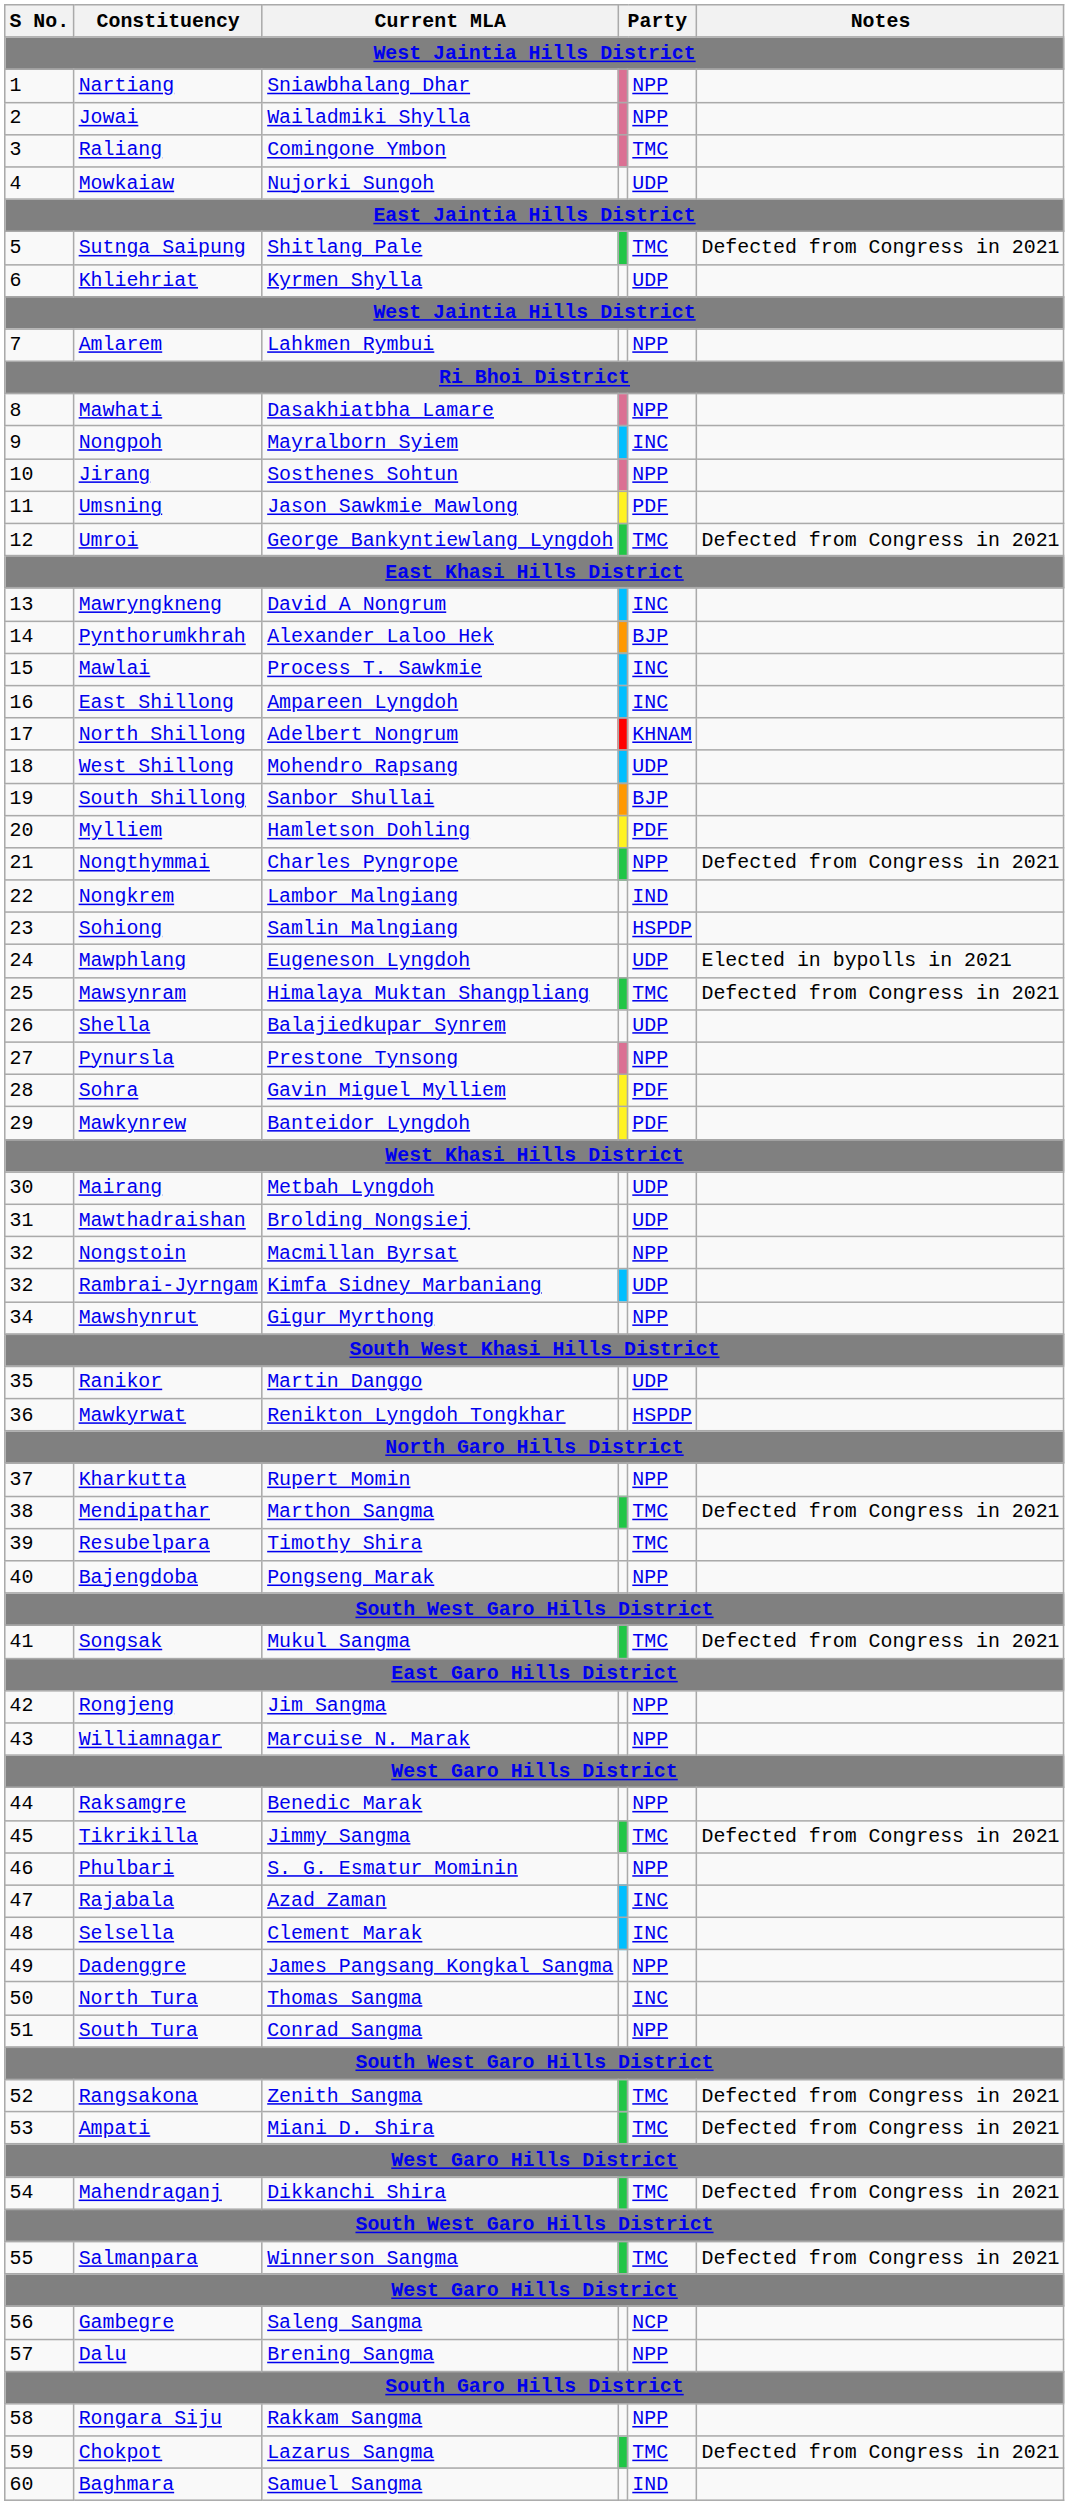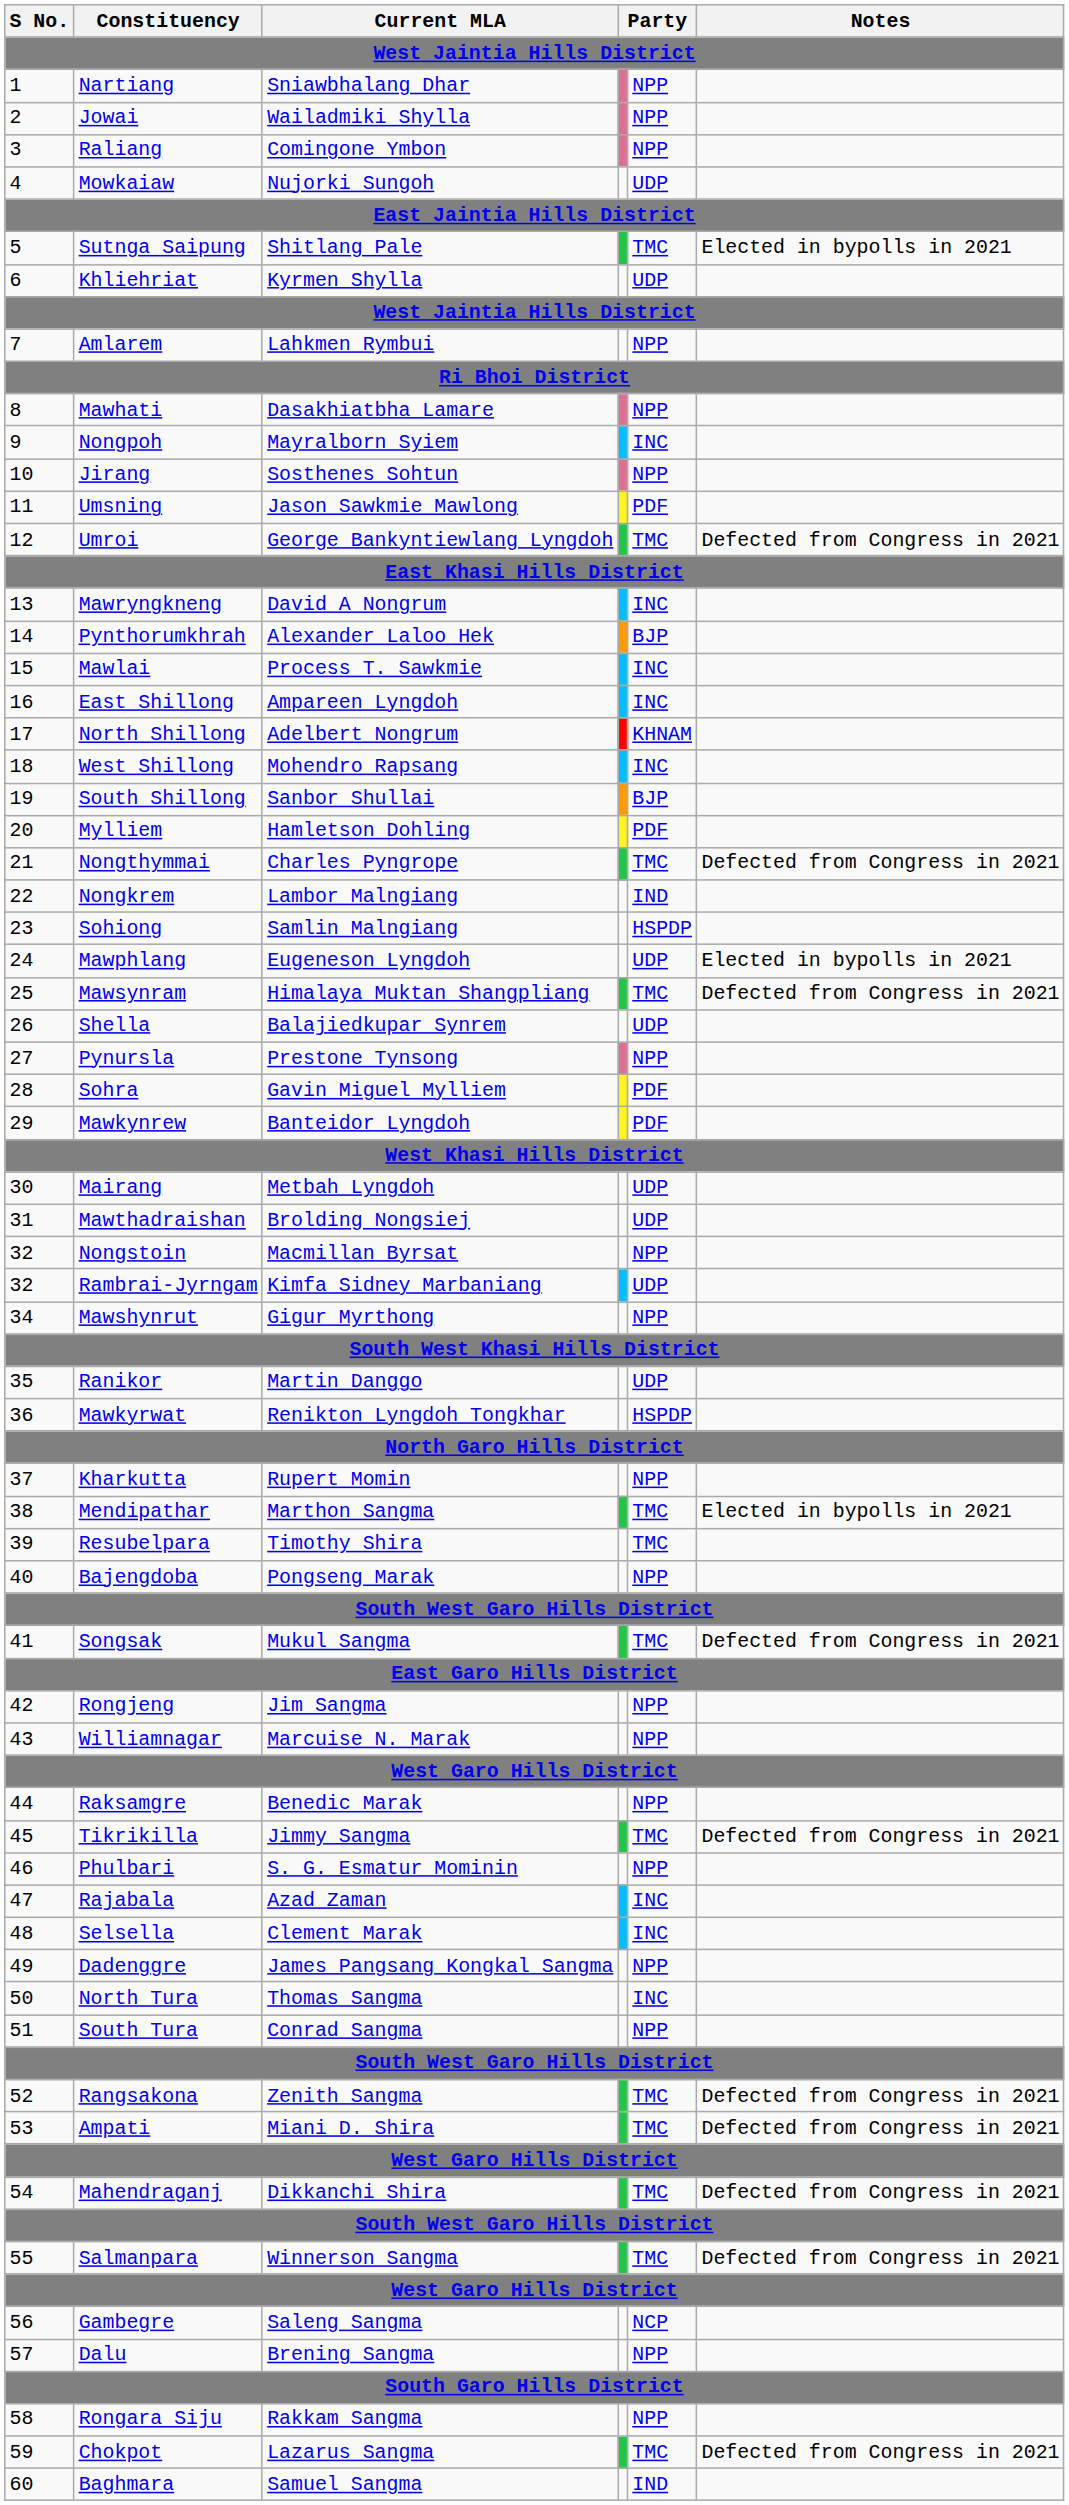 <table class="wikitable sortable">
 <tr>
 <th>S No.</th>
 <th>Constituency</th>
 <th>Current MLA</th>
 <th colspan="2">Party</th>
 <th>Notes</th>
 </tr>
 <tr>
 <td colspan="6" bgcolor="grey" align="center"><a href='#'><span><strong>West Jaintia Hills District</strong></span></a></td>
 </tr>
 <tr>
 <td>1</td>
 <td><a href='#'>Nartiang</a></td>
 <td><a href='#'>Sniawbhalang Dhar</a></td>
 <td bgcolor="#DB7093"></td>
 <td><a href='#'>NPP</a></td>
 <td></td>
 </tr>
 <tr>
 <td>2</td>
 <td><a href='#'>Jowai</a></td>
 <td><a href='#'>Wailadmiki Shylla</a></td>
 <td bgcolor="#DB7093"></td>
 <td><a href='#'>NPP</a></td>
 <td></td>
 </tr>
 <tr>
 <td>3</td>
 <td><a href='#'>Raliang</a></td>
 <td><a href='#'>Comingone Ymbon</a></td>
 <td bgcolor="#DB7093"></td>
-<td><a href='#'>TMC</a></td>
+<td><a href='#'>NPP</a></td>
 <td></td>
 </tr>
 <tr>
 <td>4</td>
 <td><a href='#'>Mowkaiaw</a></td>
 <td><a href='#'>Nujorki Sungoh</a></td>
 <td></td>
 <td><a href='#'>UDP</a></td>
 <td></td>
 </tr>
 <tr>
 <td colspan="6" bgcolor="grey" align="center"><a href='#'><span><strong>East Jaintia Hills District</strong></span></a></td>
 </tr>
 <tr>
 <td>5</td>
 <td><a href='#'>Sutnga Saipung</a></td>
 <td><a href='#'>Shitlang Pale</a></td>
 <td bgcolor="#20C646"></td>
 <td><a href='#'>TMC</a></td>
-<td>Defected from Congress in 2021</td>
+<td>Elected in bypolls in 2021</td>
 </tr>
 <tr>
 <td>6</td>
 <td><a href='#'>Khliehriat</a></td>
 <td><a href='#'>Kyrmen Shylla</a></td>
 <td></td>
 <td><a href='#'>UDP</a></td>
 <td></td>
 </tr>
 <tr>
 <td colspan="6" bgcolor="grey" align="center"><a href='#'><span><strong>West Jaintia Hills District</strong></span></a></td>
 </tr>
 <tr>
 <td>7</td>
 <td><a href='#'>Amlarem</a></td>
 <td><a href='#'>Lahkmen Rymbui</a></td>
 <td></td>
 <td><a href='#'>NPP</a></td>
 <td></td>
 </tr>
 <tr>
 <td colspan="6" bgcolor="grey" align="center"><a href='#'><span><strong>Ri Bhoi District</strong></span></a></td>
 </tr>
 <tr>
 <td>8</td>
 <td><a href='#'>Mawhati</a></td>
 <td><a href='#'>Dasakhiatbha Lamare</a></td>
 <td bgcolor="#DB7093"></td>
 <td><a href='#'>NPP</a></td>
 <td></td>
 </tr>
 <tr>
 <td>9</td>
 <td><a href='#'>Nongpoh</a></td>
 <td><a href='#'>Mayralborn Syiem</a></td>
 <td bgcolor="#00BFFF"></td>
 <td><a href='#'>INC</a></td>
 <td></td>
 </tr>
 <tr>
 <td>10</td>
 <td><a href='#'>Jirang</a></td>
 <td><a href='#'>Sosthenes Sohtun</a></td>
 <td bgcolor="#DB7093"></td>
 <td><a href='#'>NPP</a></td>
 <td></td>
 </tr>
 <tr>
 <td>11</td>
 <td><a href='#'>Umsning</a></td>
 <td><a href='#'>Jason Sawkmie Mawlong</a></td>
 <td bgcolor="#FFFF342"></td>
 <td><a href='#'>PDF</a></td>
 <td></td>
 </tr>
 <tr>
 <td>12</td>
 <td><a href='#'>Umroi</a></td>
 <td><a href='#'>George Bankyntiewlang Lyngdoh</a></td>
 <td bgcolor="20C646"></td>
 <td><a href='#'>TMC</a></td>
 <td>Defected from Congress in 2021</td>
 </tr>
 <tr>
 <td colspan="6" bgcolor="grey" align="center"><a href='#'><span><strong>East Khasi Hills District</strong></span></a></td>
 </tr>
 <tr>
 <td>13</td>
 <td><a href='#'>Mawryngkneng</a></td>
 <td><a href='#'>David A Nongrum</a></td>
 <td bgcolor="#00BFFF"></td>
 <td><a href='#'>INC</a></td>
 <td></td>
 </tr>
 <tr>
 <td>14</td>
 <td><a href='#'>Pynthorumkhrah</a></td>
 <td><a href='#'>Alexander Laloo Hek</a></td>
 <td bgcolor="#FF9900"></td>
 <td><a href='#'>BJP</a></td>
 <td></td>
 </tr>
 <tr>
 <td>15</td>
 <td><a href='#'>Mawlai</a></td>
 <td><a href='#'>Process T. Sawkmie</a></td>
 <td bgcolor="#00BFFF"></td>
 <td><a href='#'>INC</a></td>
 <td></td>
 </tr>
 <tr>
 <td>16</td>
 <td><a href='#'>East Shillong</a></td>
 <td><a href='#'>Ampareen Lyngdoh</a></td>
 <td bgcolor="#00BFFF"></td>
 <td><a href='#'>INC</a></td>
 <td></td>
 </tr>
 <tr>
 <td>17</td>
 <td><a href='#'>North Shillong</a></td>
 <td><a href='#'>Adelbert Nongrum</a></td>
 <td bgcolor="red"></td>
 <td><a href='#'>KHNAM</a></td>
 <td></td>
 </tr>
 <tr>
 <td>18</td>
 <td><a href='#'>West Shillong</a></td>
 <td><a href='#'>Mohendro Rapsang</a></td>
 <td bgcolor="#00BFFF"></td>
-<td><a href='#'>UDP</a></td>
+<td><a href='#'>INC</a></td>
 <td></td>
 </tr>
 <tr>
 <td>19</td>
 <td><a href='#'>South Shillong</a></td>
 <td><a href='#'>Sanbor Shullai</a></td>
 <td bgcolor="#FF9900"></td>
 <td><a href='#'>BJP</a></td>
 <td></td>
 </tr>
 <tr>
 <td>20</td>
 <td><a href='#'>Mylliem</a></td>
 <td><a href='#'>Hamletson Dohling</a></td>
 <td bgcolor="#FFFF342"></td>
 <td><a href='#'>PDF</a></td>
 <td></td>
 </tr>
 <tr>
 <td>21</td>
 <td><a href='#'>Nongthymmai</a></td>
 <td><a href='#'>Charles Pyngrope</a></td>
 <td bgcolor="#20C646"></td>
-<td><a href='#'>NPP</a></td>
+<td><a href='#'>TMC</a></td>
 <td>Defected from Congress in 2021</td>
 </tr>
 <tr>
 <td>22</td>
 <td><a href='#'>Nongkrem</a></td>
 <td><a href='#'>Lambor Malngiang</a></td>
 <td></td>
 <td><a href='#'>IND</a></td>
 <td></td>
 </tr>
 <tr>
 <td>23</td>
 <td><a href='#'>Sohiong</a></td>
 <td><a href='#'>Samlin Malngiang</a></td>
 <td></td>
 <td><a href='#'>HSPDP</a></td>
 <td></td>
 </tr>
 <tr>
 <td>24</td>
 <td><a href='#'>Mawphlang</a></td>
 <td><a href='#'>Eugeneson Lyngdoh</a></td>
 <td></td>
 <td><a href='#'>UDP</a></td>
 <td>Elected in bypolls in 2021</td>
 </tr>
 <tr>
 <td>25</td>
 <td><a href='#'>Mawsynram</a></td>
 <td><a href='#'>Himalaya Muktan Shangpliang</a></td>
 <td bgcolor="#20C646"></td>
 <td><a href='#'>TMC</a></td>
 <td>Defected from Congress in 2021</td>
 </tr>
 <tr>
 <td>26</td>
 <td><a href='#'>Shella</a></td>
 <td><a href='#'>Balajiedkupar Synrem</a></td>
 <td></td>
 <td><a href='#'>UDP</a></td>
 <td></td>
 </tr>
 <tr>
 <td>27</td>
 <td><a href='#'>Pynursla</a></td>
 <td><a href='#'>Prestone Tynsong</a></td>
 <td bgcolor="#DB7093"></td>
 <td><a href='#'>NPP</a></td>
 <td></td>
 </tr>
 <tr>
 <td>28</td>
 <td><a href='#'>Sohra</a></td>
 <td><a href='#'>Gavin Miguel Mylliem</a></td>
 <td bgcolor="#FFFF342"></td>
 <td><a href='#'>PDF</a></td>
 <td></td>
 </tr>
 <tr>
 <td>29</td>
 <td><a href='#'>Mawkynrew</a></td>
 <td><a href='#'>Banteidor Lyngdoh</a></td>
 <td bgcolor="#FFFF342"></td>
 <td><a href='#'>PDF</a></td>
 <td></td>
 </tr>
 <tr>
 <td colspan="6" bgcolor="grey" align="center"><a href='#'><span><strong>West Khasi Hills District</strong></span></a></td>
 </tr>
 <tr>
 <td>30</td>
 <td><a href='#'>Mairang</a></td>
 <td><a href='#'>Metbah Lyngdoh</a></td>
 <td></td>
 <td><a href='#'>UDP</a></td>
 <td></td>
 </tr>
 <tr>
 <td>31</td>
 <td><a href='#'>Mawthadraishan</a></td>
 <td><a href='#'>Brolding Nongsiej</a></td>
 <td></td>
 <td><a href='#'>UDP</a></td>
 <td></td>
 </tr>
 <tr>
 <td>32</td>
 <td><a href='#'>Nongstoin</a></td>
 <td><a href='#'>Macmillan Byrsat</a></td>
 <td></td>
 <td><a href='#'>NPP</a></td>
 <td></td>
 </tr>
 <tr>
 <td>32</td>
 <td><a href='#'>Rambrai-Jyrngam</a></td>
 <td><a href='#'>Kimfa Sidney Marbaniang</a></td>
 <td bgcolor="#00BFFF"></td>
 <td><a href='#'>UDP</a></td>
 <td></td>
 </tr>
 <tr>
 <td>34</td>
 <td><a href='#'>Mawshynrut</a></td>
 <td><a href='#'>Gigur Myrthong</a></td>
 <td></td>
 <td><a href='#'>NPP</a></td>
 <td></td>
 </tr>
 <tr>
 <td colspan="6" bgcolor="grey" align="center"><a href='#'><span><strong>South West Khasi Hills District</strong></span></a></td>
 </tr>
 <tr>
 <td>35</td>
 <td><a href='#'>Ranikor</a></td>
 <td><a href='#'>Martin Danggo</a></td>
 <td></td>
 <td><a href='#'>UDP</a></td>
 <td></td>
 </tr>
 <tr>
 <td>36</td>
 <td><a href='#'>Mawkyrwat</a></td>
 <td><a href='#'>Renikton Lyngdoh Tongkhar</a></td>
 <td></td>
 <td><a href='#'>HSPDP</a></td>
 <td></td>
 </tr>
 <tr>
 <td colspan="6" bgcolor="grey" align="center"><a href='#'><span><strong>North Garo Hills District</strong></span></a></td>
 </tr>
 <tr>
 <td>37</td>
 <td><a href='#'>Kharkutta</a></td>
 <td><a href='#'>Rupert Momin</a></td>
 <td></td>
 <td><a href='#'>NPP</a></td>
 <td></td>
 </tr>
 <tr>
 <td>38</td>
 <td><a href='#'>Mendipathar</a></td>
 <td><a href='#'>Marthon Sangma</a></td>
 <td bgcolor="#20C646"></td>
 <td><a href='#'>TMC</a></td>
-<td>Defected from Congress in 2021</td>
+<td>Elected in bypolls in 2021</td>
 </tr>
 <tr>
 <td>39</td>
 <td><a href='#'>Resubelpara</a></td>
 <td><a href='#'>Timothy Shira</a></td>
 <td></td>
 <td><a href='#'>TMC</a></td>
 <td></td>
 </tr>
 <tr>
 <td>40</td>
 <td><a href='#'>Bajengdoba</a></td>
 <td><a href='#'>Pongseng Marak</a></td>
 <td></td>
 <td><a href='#'>NPP</a></td>
 <td></td>
 </tr>
 <tr>
 <td colspan="6" bgcolor="grey" align="center"><a href='#'><span><strong>South West Garo Hills District</strong></span></a></td>
 </tr>
 <tr>
 <td>41</td>
 <td><a href='#'>Songsak</a></td>
 <td><a href='#'>Mukul Sangma</a></td>
 <td bgcolor="#20C646"></td>
 <td><a href='#'>TMC</a></td>
 <td>Defected from Congress in 2021</td>
 </tr>
 <tr>
 <td colspan="6" bgcolor="grey" align="center"><a href='#'><span><strong>East Garo Hills District</strong></span></a></td>
 </tr>
 <tr>
 <td>42</td>
 <td><a href='#'>Rongjeng</a></td>
 <td><a href='#'>Jim Sangma</a></td>
 <td></td>
 <td><a href='#'>NPP</a></td>
 <td></td>
 </tr>
 <tr>
 <td>43</td>
 <td><a href='#'>Williamnagar</a></td>
 <td><a href='#'>Marcuise N. Marak</a></td>
 <td></td>
 <td><a href='#'>NPP</a></td>
 <td></td>
 </tr>
 <tr>
 <td colspan="6" bgcolor="grey" align="center"><a href='#'><span><strong>West Garo Hills District</strong></span></a></td>
 </tr>
 <tr>
 <td>44</td>
 <td><a href='#'>Raksamgre</a></td>
 <td><a href='#'>Benedic Marak</a></td>
 <td></td>
 <td><a href='#'>NPP</a></td>
 <td></td>
 </tr>
 <tr>
 <td>45</td>
 <td><a href='#'>Tikrikilla</a></td>
 <td><a href='#'>Jimmy Sangma</a></td>
 <td bgcolor="#20C646"></td>
 <td><a href='#'>TMC</a></td>
 <td>Defected from Congress in 2021</td>
 </tr>
 <tr>
 <td>46</td>
 <td><a href='#'>Phulbari</a></td>
 <td><a href='#'>S. G. Esmatur Mominin</a></td>
 <td></td>
 <td><a href='#'>NPP</a></td>
 <td></td>
 </tr>
 <tr>
 <td>47</td>
 <td><a href='#'>Rajabala</a></td>
 <td><a href='#'>Azad Zaman</a></td>
 <td bgcolor="#00BFFF"></td>
 <td><a href='#'>INC</a></td>
 <td></td>
 </tr>
 <tr>
 <td>48</td>
 <td><a href='#'>Selsella</a></td>
 <td><a href='#'>Clement Marak</a></td>
 <td bgcolor="#00BFFF"></td>
 <td><a href='#'>INC</a></td>
 <td></td>
 </tr>
 <tr>
 <td>49</td>
 <td><a href='#'>Dadenggre</a></td>
 <td><a href='#'>James Pangsang Kongkal Sangma</a></td>
 <td></td>
 <td><a href='#'>NPP</a></td>
 <td></td>
 </tr>
 <tr>
 <td>50</td>
 <td><a href='#'>North Tura</a></td>
 <td><a href='#'>Thomas Sangma</a></td>
 <td></td>
 <td><a href='#'>INC</a></td>
 <td></td>
 </tr>
 <tr>
 <td>51</td>
 <td><a href='#'>South Tura</a></td>
 <td><a href='#'>Conrad Sangma</a></td>
 <td></td>
 <td><a href='#'>NPP</a></td>
 <td></td>
 </tr>
 <tr>
 <td colspan="6" bgcolor="grey" align="center"><a href='#'><span><strong>South West Garo Hills District</strong></span></a></td>
 </tr>
 <tr>
 <td>52</td>
 <td><a href='#'>Rangsakona</a></td>
 <td><a href='#'>Zenith Sangma</a></td>
 <td bgcolor="#20C646"></td>
 <td><a href='#'>TMC</a></td>
 <td>Defected from Congress in 2021</td>
 </tr>
 <tr>
 <td>53</td>
 <td><a href='#'>Ampati</a></td>
 <td><a href='#'>Miani D. Shira</a></td>
 <td bgcolor="#20C646"></td>
 <td><a href='#'>TMC</a></td>
 <td>Defected from Congress in 2021</td>
 </tr>
 <tr>
 <td colspan="6" bgcolor="grey" align="center"><a href='#'><span><strong>West Garo Hills District</strong></span></a></td>
 </tr>
 <tr>
 <td>54</td>
 <td><a href='#'>Mahendraganj</a></td>
 <td><a href='#'>Dikkanchi Shira</a></td>
 <td bgcolor="#20C646"></td>
 <td><a href='#'>TMC</a></td>
 <td>Defected from Congress in 2021</td>
 </tr>
 <tr>
 <td colspan="6" bgcolor="grey" align="center"><a href='#'><span><strong>South West Garo Hills District</strong></span></a></td>
 </tr>
 <tr>
 <td>55</td>
 <td><a href='#'>Salmanpara</a></td>
 <td><a href='#'>Winnerson Sangma</a></td>
 <td bgcolor="#20C646"></td>
 <td><a href='#'>TMC</a></td>
 <td>Defected from Congress in 2021</td>
 </tr>
 <tr>
 <td colspan="6" bgcolor="grey" align="center"><a href='#'><span><strong>West Garo Hills District</strong></span></a></td>
 </tr>
 <tr>
 <td>56</td>
 <td><a href='#'>Gambegre</a></td>
 <td><a href='#'>Saleng Sangma</a></td>
 <td></td>
 <td><a href='#'>NCP</a></td>
 <td></td>
 </tr>
 <tr>
 <td>57</td>
 <td><a href='#'>Dalu</a></td>
 <td><a href='#'>Brening Sangma</a></td>
 <td></td>
 <td><a href='#'>NPP</a></td>
 <td></td>
 </tr>
 <tr>
 <td colspan="6" bgcolor="grey" align="center"><a href='#'><span><strong>South Garo Hills District</strong></span></a></td>
 </tr>
 <tr>
 <td>58</td>
 <td><a href='#'>Rongara Siju</a></td>
 <td><a href='#'>Rakkam Sangma</a></td>
 <td></td>
 <td><a href='#'>NPP</a></td>
 <td></td>
 </tr>
 <tr>
 <td>59</td>
 <td><a href='#'>Chokpot</a></td>
 <td><a href='#'>Lazarus Sangma</a></td>
 <td bgcolor="#20C646"></td>
 <td><a href='#'>TMC</a></td>
 <td>Defected from Congress in 2021</td>
 </tr>
 <tr>
 <td>60</td>
 <td><a href='#'>Baghmara</a></td>
 <td><a href='#'>Samuel Sangma</a></td>
 <td></td>
 <td><a href='#'>IND</a></td>
 <td></td>
 </tr>
 </table>
